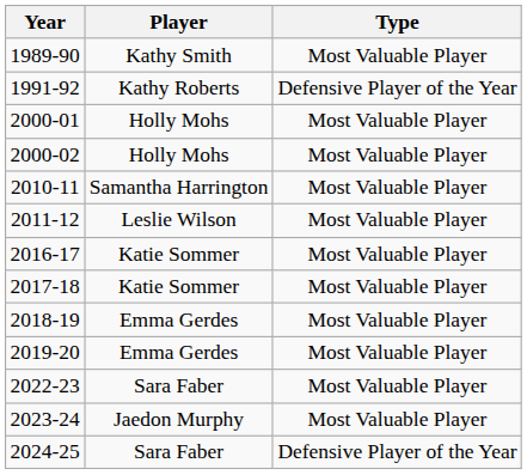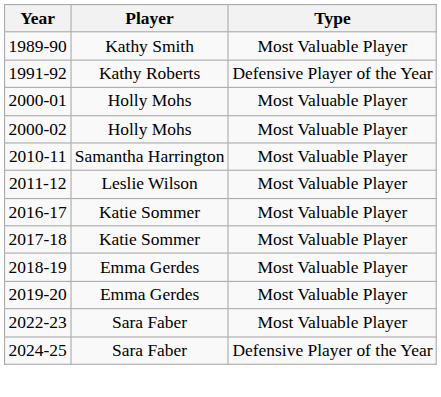 <table class="wikitable" style="text-align: center">
 <tr align=center>
 <th>Year</th>
 <th>Player</th>
 <th>Type</th>
 </tr>
 <tr>
 <td>1989-90</td>
 <td>Kathy Smith</td>
 <td>Most Valuable Player</td>
 </tr>
 <tr>
 <td>1991-92</td>
 <td>Kathy Roberts</td>
 <td>Defensive Player of the Year</td>
 </tr>
 <tr>
 <td>2000-01</td>
 <td>Holly Mohs</td>
 <td>Most Valuable Player</td>
 </tr>
 <tr>
 <td>2000-02</td>
 <td>Holly Mohs</td>
 <td>Most Valuable Player</td>
 </tr>
 <tr>
 <td>2010-11</td>
 <td>Samantha Harrington</td>
 <td>Most Valuable Player</td>
 </tr>
 <tr>
 <td>2011-12</td>
 <td>Leslie Wilson</td>
 <td>Most Valuable Player</td>
 </tr>
 <tr>
 <td>2016-17</td>
 <td>Katie Sommer</td>
 <td>Most Valuable Player</td>
 </tr>
 <tr>
 <td>2017-18</td>
 <td>Katie Sommer</td>
 <td>Most Valuable Player</td>
 </tr>
 <tr>
 <td>2018-19</td>
 <td>Emma Gerdes</td>
 <td>Most Valuable Player</td>
 </tr>
 <tr>
 <td>2019-20</td>
 <td>Emma Gerdes</td>
 <td>Most Valuable Player</td>
 </tr>
 <tr>
 <td>2022-23</td>
 <td>Sara Faber</td>
 <td>Most Valuable Player</td>
 </tr>
 <tr>
-<td>2023-24</td>
-<td>Jaedon Murphy</td>
-<td>Most Valuable Player</td>
-</tr>
-<tr>
 <td>2024-25</td>
 <td>Sara Faber</td>
 <td>Defensive Player of the Year</td>
 </tr>
 </table>
